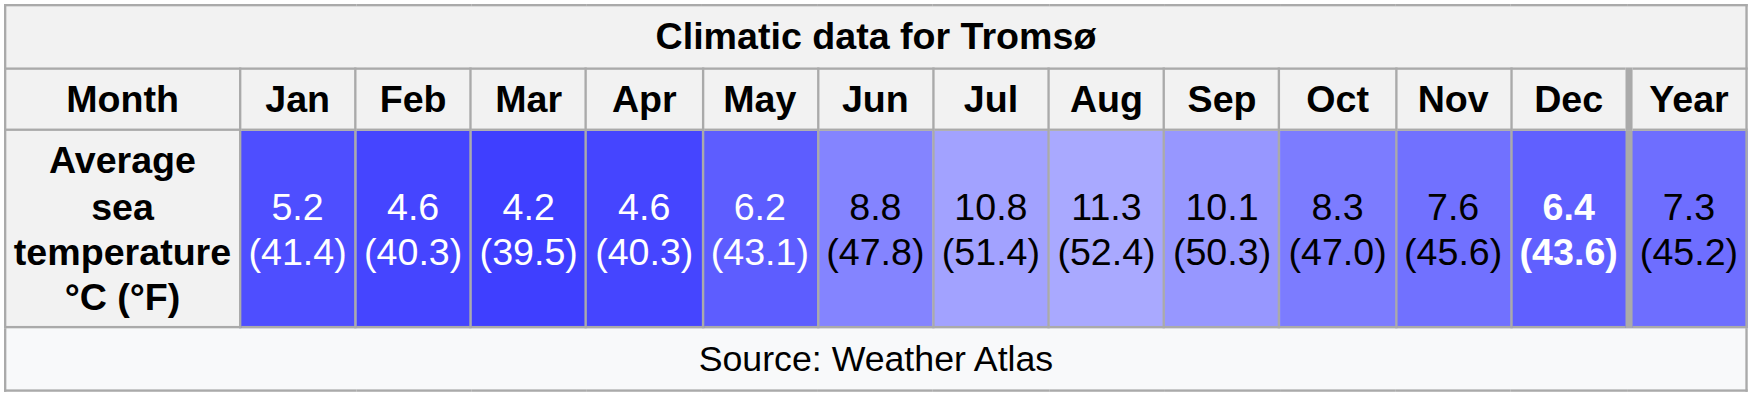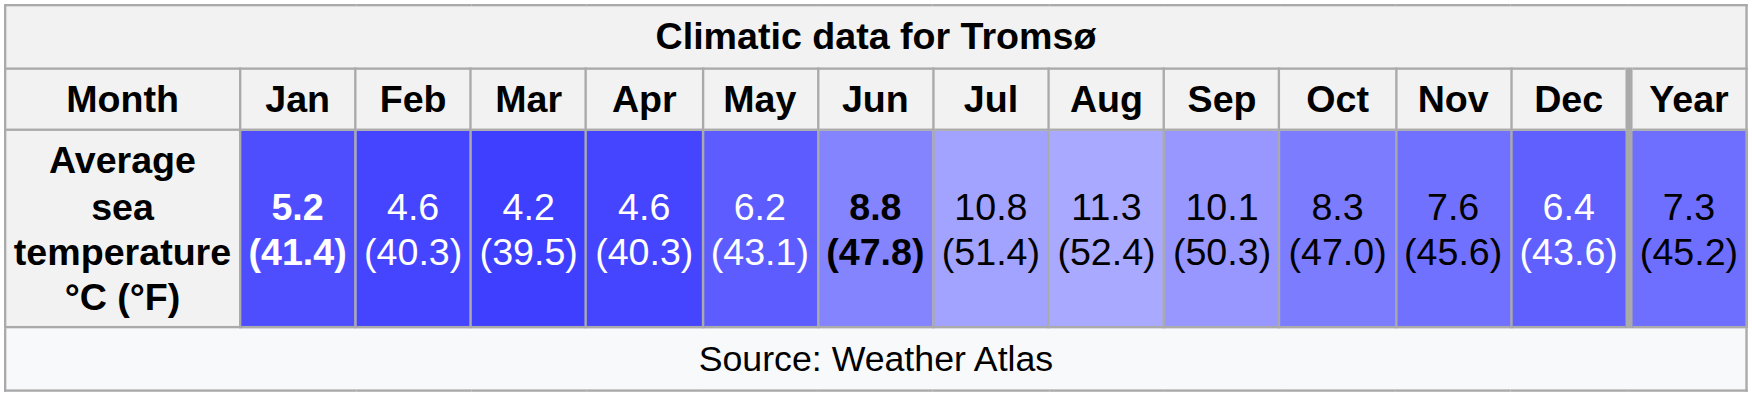 <table style="width:95%;text-align:center;line-height:1.2em;" class="wikitable mw-collapsible">
 <tr>
 <th Colspan=14>Climatic data for Tromsø</th>
 </tr>
 <tr>
 <th>Month</th>
 <th>Jan</th>
 <th>Feb</th>
 <th>Mar</th>
 <th>Apr</th>
 <th>May</th>
 <th>Jun</th>
 <th>Jul</th>
 <th>Aug</th>
 <th>Sep</th>
 <th>Oct</th>
 <th>Nov</th>
 <th>Dec</th>
 <th style="border-left-width:medium">Year</th>
 </tr>
 <tr>
 <th>Average sea temperature °C (°F)</th>
-<td style="background:#4e4eff; color:#fff;">5.2<br>(41.4)</td>
+<td style="background:#4e4eff; color:#fff;"><strong>5.2<br>(41.4)</strong></td>
 <td style="background:#4545ff; color:#fff;">4.6<br>(40.3)</td>
 <td style="background:#3f3fff; color:#fff;">4.2<br>(39.5)</td>
 <td style="background:#4545ff; color:#fff;">4.6<br>(40.3)</td>
 <td style="background:#5d5dff; color:#fff;">6.2<br>(43.1)</td>
-<td style="background:#8484ff; color:#000;">8.8<br>(47.8)</td>
+<td style="background:#8484ff; color:#000;"><strong>8.8<br>(47.8)</strong></td>
 <td style="background:#a2a2ff; color:#000;">10.8<br>(51.4)</td>
 <td style="background:#a9a9ff; color:#000;">11.3<br>(52.4)</td>
 <td style="background:#9797ff; color:#000;">10.1<br>(50.3)</td>
 <td style="background:#7c7cff; color:#000;">8.3<br>(47.0)</td>
 <td style="background:#7171ff; color:#000;">7.6<br>(45.6)</td>
-<td style="background:#6060ff; color:#fff;"><strong>6.4<br>(43.6)</strong></td>
+<td style="background:#6060ff; color:#fff;">6.4<br>(43.6)</td>
 <td style="background:#6e6eff; color:#000; border-left-width:medium;">7.3<br>(45.2)</td>
 </tr>
 <tr>
 <th Colspan=14 style="background:#f8f9fa;font-weight:normal;font-size:95%;">Source: Weather Atlas</th>
 </tr>
 </table>
